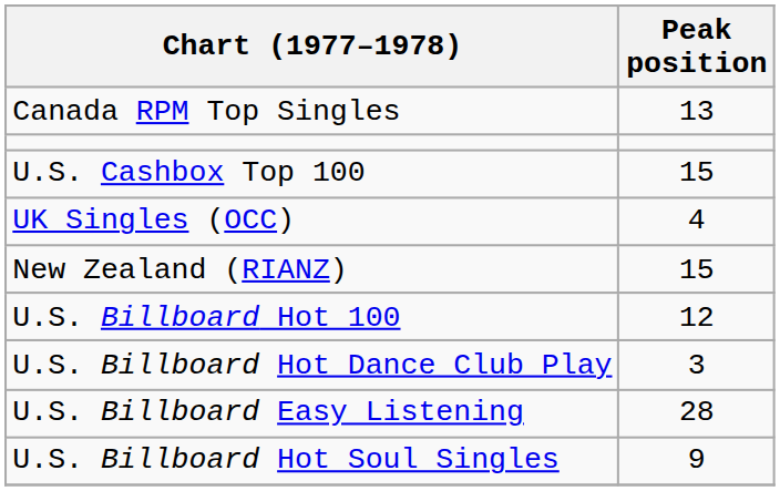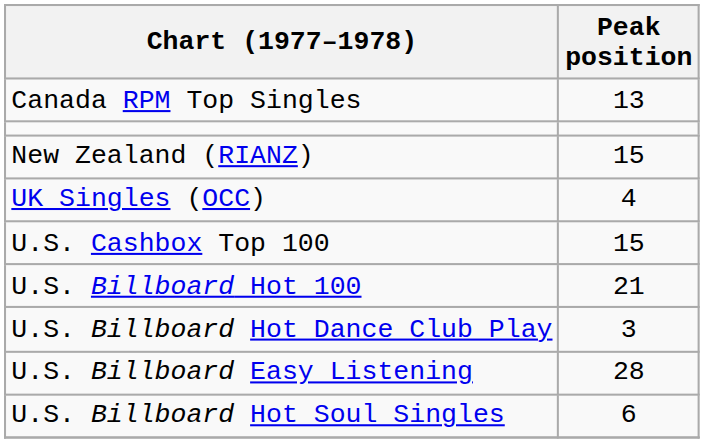 <table class="wikitable sortable">
 <tr>
 <th>Chart (1977–1978)</th>
 <th>Peak<br>position</th>
 </tr>
 <tr>
 <td>Canada <a href='#'>RPM</a> Top Singles</td>
 <td style="text-align:center;">13</td>
 </tr>
 <tr>
 <td></td>
 </tr>
 <tr>
-<td>U.S. <a href='#'>Cashbox</a> Top 100</td>
+<td>New Zealand (<a href='#'>RIANZ</a>)</td>
 <td style="text-align:center;">15</td>
 </tr>
 <tr>
 <td><a href='#'>UK Singles</a> (<a href='#'>OCC</a>)</td>
 <td style="text-align:center;">4</td>
 </tr>
 <tr>
-<td>New Zealand (<a href='#'>RIANZ</a>)</td>
+<td>U.S. <a href='#'>Cashbox</a> Top 100</td>
 <td style="text-align:center;">15</td>
 </tr>
 <tr>
 <td>U.S. <a href='#'><em>Billboard</em> Hot 100</a></td>
-<td style="text-align:center;">12</td>
+<td style="text-align:center;">21</td>
 </tr>
 <tr>
 <td>U.S. <em>Billboard</em> <a href='#'>Hot Dance Club Play</a></td>
 <td style="text-align:center;">3</td>
 </tr>
 <tr>
 <td>U.S. <em>Billboard</em> <a href='#'>Easy Listening</a></td>
 <td style="text-align:center;">28</td>
 </tr>
 <tr>
 <td>U.S. <em>Billboard</em> <a href='#'>Hot Soul Singles</a></td>
-<td style="text-align:center;">9</td>
+<td style="text-align:center;">6</td>
 </tr>
 <tr>
 </tr>
 </table>
